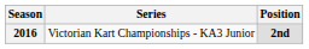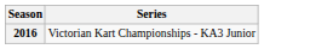 <table class="wikitable" style="font-size: 85%; text-align:center">
 <tr>
 <th>Season</th>
 <th>Series</th>
-<th>Position</th>
 </tr>
 <tr>
 <th>2016</th>
 <td align="left">Victorian Kart Championships - KA3 Junior</td>
-<td style="background:#DFDFDF"><strong>2nd</strong></td>
 </tr>
 </table>
